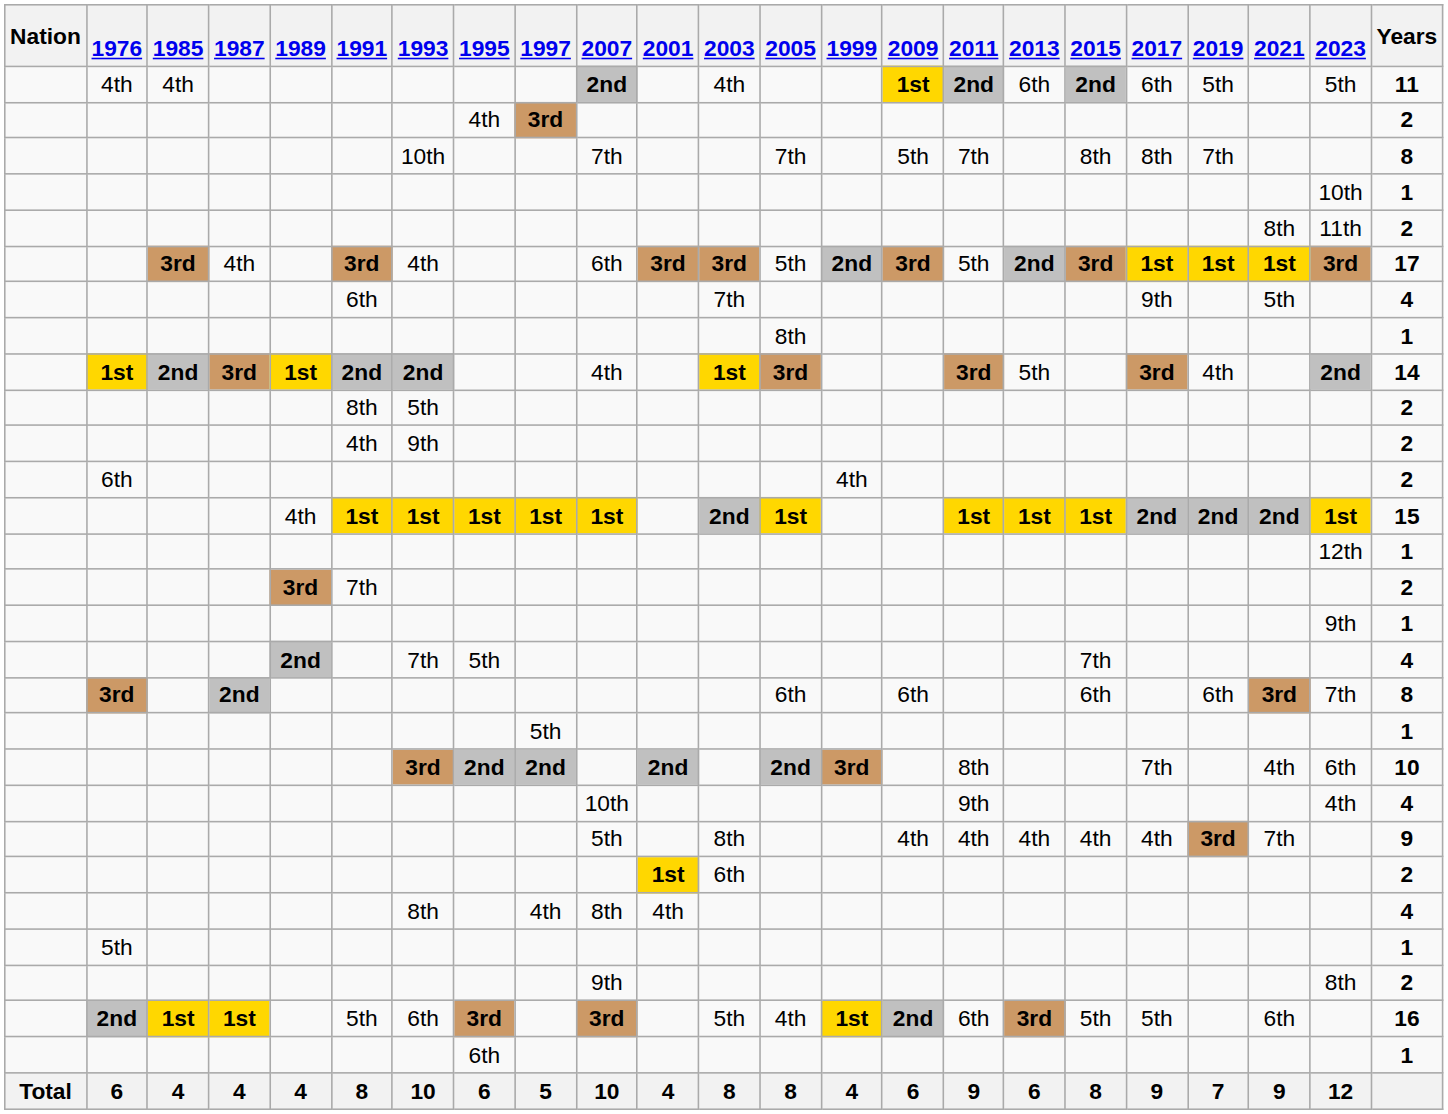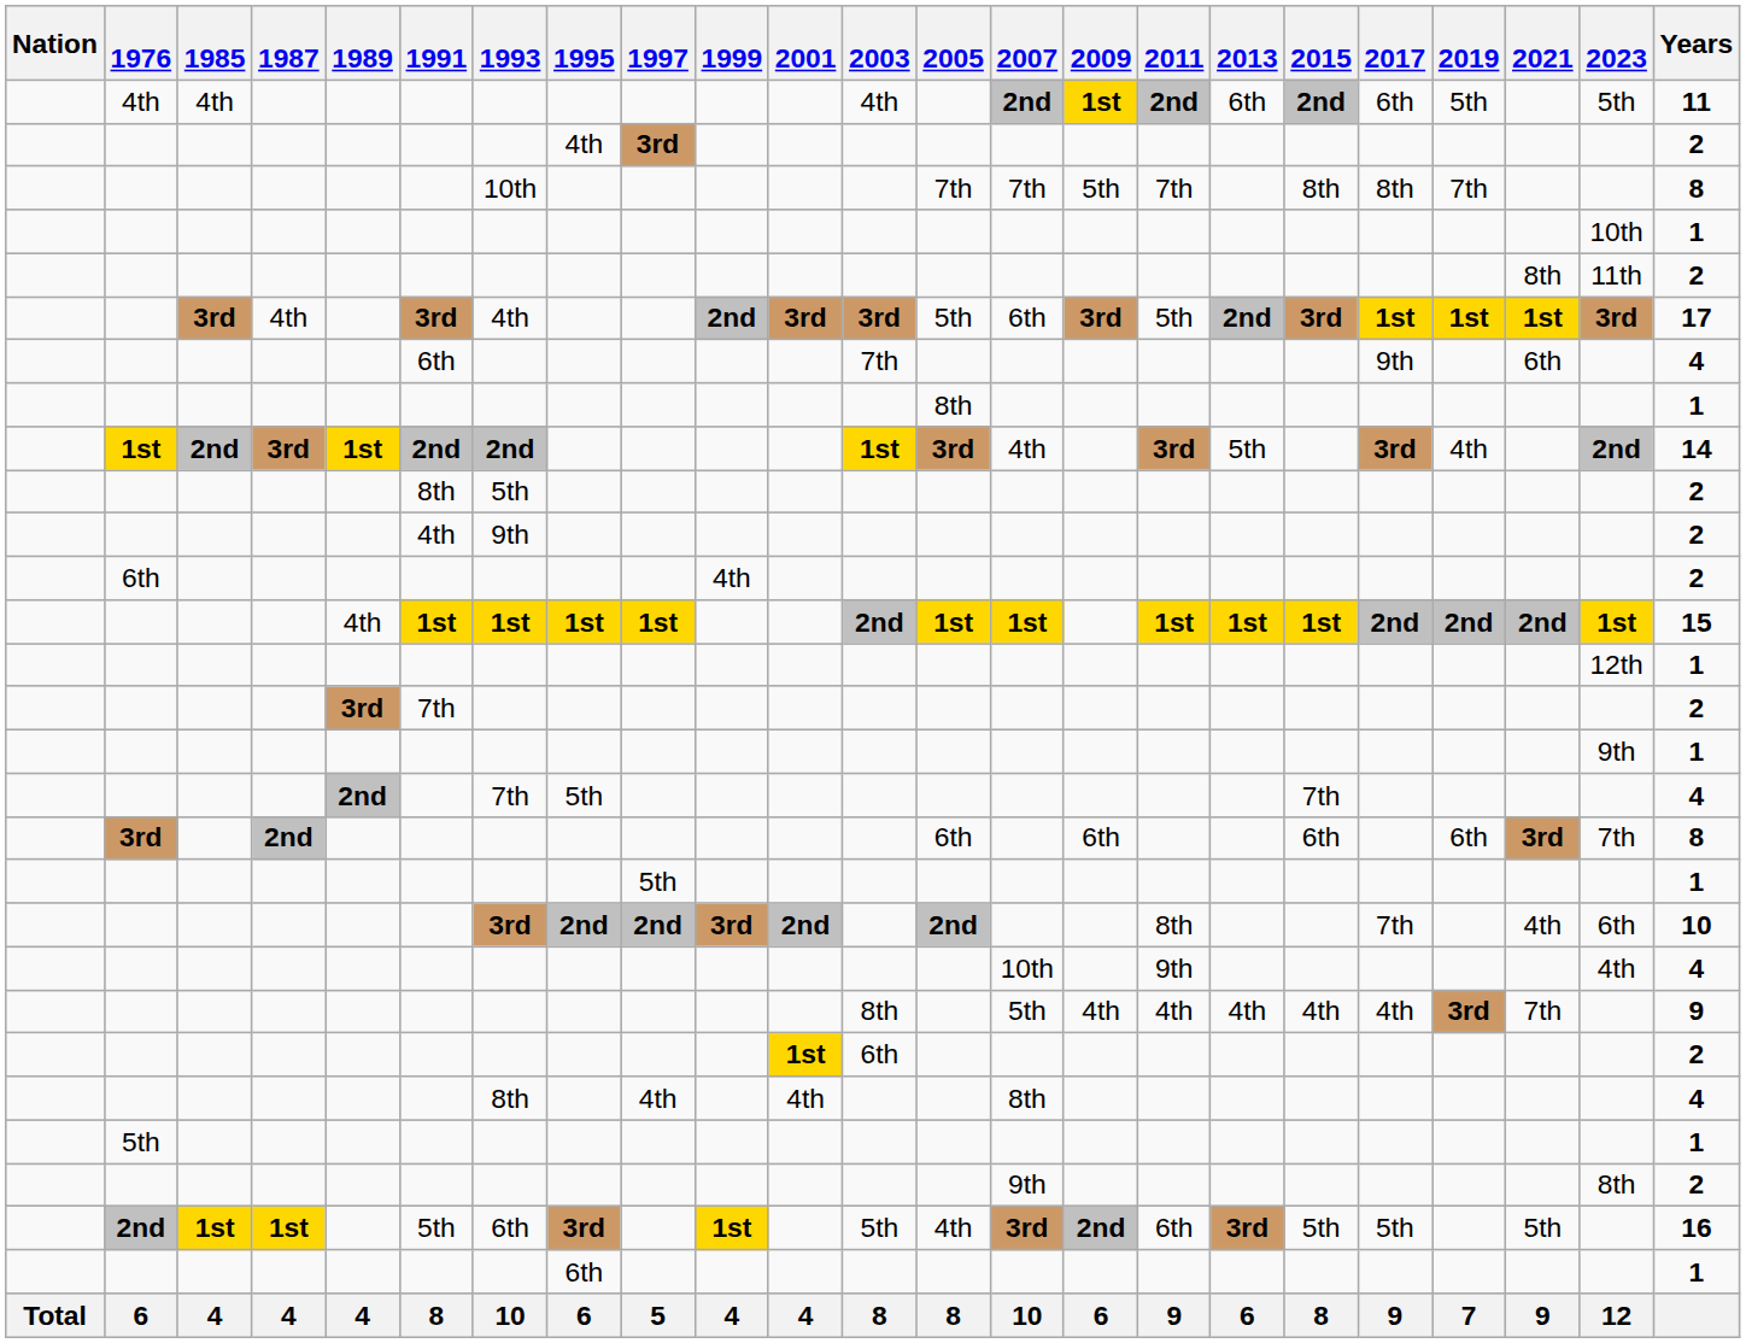 <table class="wikitable" style="text-align:center; font-size:90%">
 <tr>
 <th>Nation</th>
 <th><br><a href='#'>1976</a></th>
 <th><br><a href='#'>1985</a></th>
 <th><br><a href='#'>1987</a></th>
 <th><br><a href='#'>1989</a></th>
 <th><br><a href='#'>1991</a></th>
 <th><br><a href='#'>1993</a></th>
 <th><br><a href='#'>1995</a></th>
 <th><br><a href='#'>1997</a></th>
-<th><br><a href='#'>2007</a></th>
+<th><br><a href='#'>1999</a></th>
 <th><br><a href='#'>2001</a></th>
 <th><br><a href='#'>2003</a></th>
 <th><br><a href='#'>2005</a></th>
-<th><br><a href='#'>1999</a></th>
+<th><br><a href='#'>2007</a></th>
 <th><br><a href='#'>2009</a></th>
 <th><br><a href='#'>2011</a></th>
 <th><br><a href='#'>2013</a></th>
 <th><br><a href='#'>2015</a></th>
 <th><br><a href='#'>2017</a></th>
 <th><br><a href='#'>2019</a></th>
 <th><br><a href='#'>2021</a></th>
 <th><br><a href='#'>2023</a></th>
 <th>Years</th>
 </tr>
 <tr>
 <td align=left></td>
 <td>4th</td>
 <td>4th</td>
 <td></td>
 <td></td>
 <td></td>
 <td></td>
 <td></td>
 <td></td>
-<td bgcolor=silver><strong>2nd</strong></td>
+<td></td>
 <td></td>
 <td>4th</td>
 <td></td>
-<td></td>
+<td bgcolor=silver><strong>2nd</strong></td>
 <td bgcolor=gold><strong>1st</strong></td>
 <td bgcolor=silver><strong>2nd</strong></td>
 <td>6th</td>
 <td bgcolor=silver><strong>2nd</strong></td>
 <td>6th</td>
 <td>5th</td>
 <td></td>
 <td>5th</td>
 <td><strong>11</strong></td>
 </tr>
 <tr>
 <td align=left></td>
 <td></td>
 <td></td>
 <td></td>
 <td></td>
 <td></td>
 <td></td>
 <td>4th</td>
 <td bgcolor=#cc9966><strong>3rd</strong></td>
 <td></td>
 <td></td>
 <td></td>
 <td></td>
 <td></td>
 <td></td>
 <td></td>
 <td></td>
 <td></td>
 <td></td>
 <td></td>
 <td></td>
 <td></td>
 <td><strong>2</strong></td>
 </tr>
 <tr>
 <td align=left></td>
 <td></td>
 <td></td>
 <td></td>
 <td></td>
 <td></td>
 <td>10th</td>
 <td></td>
 <td></td>
-<td>7th</td>
+<td></td>
 <td></td>
 <td></td>
 <td>7th</td>
-<td></td>
+<td>7th</td>
 <td>5th</td>
 <td>7th</td>
 <td></td>
 <td>8th</td>
 <td>8th</td>
 <td>7th</td>
 <td></td>
 <td></td>
 <td><strong>8</strong></td>
 </tr>
 <tr>
 <td align=left></td>
 <td></td>
 <td></td>
 <td></td>
 <td></td>
 <td></td>
 <td></td>
 <td></td>
 <td></td>
 <td></td>
 <td></td>
 <td></td>
 <td></td>
 <td></td>
 <td></td>
 <td></td>
 <td></td>
 <td></td>
 <td></td>
 <td></td>
 <td></td>
 <td>10th</td>
 <td><strong>1</strong></td>
 </tr>
 <tr>
 <td align=left></td>
 <td></td>
 <td></td>
 <td></td>
 <td></td>
 <td></td>
 <td></td>
 <td></td>
 <td></td>
 <td></td>
 <td></td>
 <td></td>
 <td></td>
 <td></td>
 <td></td>
 <td></td>
 <td></td>
 <td></td>
 <td></td>
 <td></td>
 <td>8th</td>
 <td>11th</td>
 <td><strong>2</strong></td>
 </tr>
 <tr>
 <td align=left></td>
 <td></td>
 <td bgcolor=#cc9966><strong>3rd</strong></td>
 <td>4th</td>
 <td></td>
 <td bgcolor=#cc9966><strong>3rd</strong></td>
 <td>4th</td>
 <td></td>
 <td></td>
-<td>6th</td>
+<td bgcolor=silver><strong>2nd</strong></td>
 <td bgcolor=#cc9966><strong>3rd</strong></td>
 <td bgcolor=#cc9966><strong>3rd</strong></td>
 <td>5th</td>
-<td bgcolor=silver><strong>2nd</strong></td>
+<td>6th</td>
 <td bgcolor=#cc9966><strong>3rd</strong></td>
 <td>5th</td>
 <td bgcolor=silver><strong>2nd</strong></td>
 <td bgcolor=#cc9966><strong>3rd</strong></td>
 <td bgcolor=gold><strong>1st</strong></td>
 <td bgcolor=gold><strong>1st</strong></td>
 <td bgcolor=gold><strong>1st</strong></td>
 <td bgcolor=#cc9966><strong>3rd</strong></td>
 <td><strong>17</strong></td>
 </tr>
 <tr>
 <td align=left></td>
 <td></td>
 <td></td>
 <td></td>
 <td></td>
 <td>6th</td>
 <td></td>
 <td></td>
 <td></td>
 <td></td>
 <td></td>
 <td>7th</td>
 <td></td>
 <td></td>
 <td></td>
 <td></td>
 <td></td>
 <td></td>
 <td>9th</td>
 <td></td>
-<td>5th</td>
+<td>6th</td>
 <td></td>
 <td><strong>4</strong></td>
 </tr>
 <tr>
 <td align=left></td>
 <td></td>
 <td></td>
 <td></td>
 <td></td>
 <td></td>
 <td></td>
 <td></td>
 <td></td>
 <td></td>
 <td></td>
 <td></td>
 <td>8th</td>
 <td></td>
 <td></td>
 <td></td>
 <td></td>
 <td></td>
 <td></td>
 <td></td>
 <td></td>
 <td></td>
 <td><strong>1</strong></td>
 </tr>
 <tr>
 <td align=left></td>
 <td bgcolor=gold><strong>1st</strong></td>
 <td bgcolor=silver><strong>2nd</strong></td>
 <td bgcolor=#cc9966><strong>3rd</strong></td>
 <td bgcolor=gold><strong>1st</strong></td>
 <td bgcolor=silver><strong>2nd</strong></td>
 <td bgcolor=silver><strong>2nd</strong></td>
 <td></td>
 <td></td>
-<td>4th</td>
+<td></td>
 <td></td>
 <td bgcolor=gold><strong>1st</strong></td>
 <td bgcolor=#cc9966><strong>3rd</strong></td>
-<td></td>
+<td>4th</td>
 <td></td>
 <td bgcolor=#cc9966><strong>3rd</strong></td>
 <td>5th</td>
 <td></td>
 <td bgcolor=#cc9966><strong>3rd</strong></td>
 <td>4th</td>
 <td></td>
 <td bgcolor=silver><strong>2nd</strong></td>
 <td><strong>14</strong></td>
 </tr>
 <tr>
 <td align=left></td>
 <td></td>
 <td></td>
 <td></td>
 <td></td>
 <td>8th</td>
 <td>5th</td>
 <td></td>
 <td></td>
 <td></td>
 <td></td>
 <td></td>
 <td></td>
 <td></td>
 <td></td>
 <td></td>
 <td></td>
 <td></td>
 <td></td>
 <td></td>
 <td></td>
 <td></td>
 <td><strong>2</strong></td>
 </tr>
 <tr>
 <td align=left></td>
 <td></td>
 <td></td>
 <td></td>
 <td></td>
 <td>4th</td>
 <td>9th</td>
 <td></td>
 <td></td>
 <td></td>
 <td></td>
 <td></td>
 <td></td>
 <td></td>
 <td></td>
 <td></td>
 <td></td>
 <td></td>
 <td></td>
 <td></td>
 <td></td>
 <td></td>
 <td><strong>2</strong></td>
 </tr>
 <tr>
 <td align=left></td>
 <td>6th</td>
 <td></td>
 <td></td>
 <td></td>
 <td></td>
 <td></td>
 <td></td>
 <td></td>
+<td>4th</td>
 <td></td>
 <td></td>
 <td></td>
 <td></td>
-<td>4th</td>
 <td></td>
 <td></td>
 <td></td>
 <td></td>
 <td></td>
 <td></td>
 <td></td>
 <td></td>
 <td><strong>2</strong></td>
 </tr>
 <tr>
 <td align=left></td>
 <td></td>
 <td></td>
 <td></td>
 <td>4th</td>
 <td bgcolor=gold><strong>1st</strong></td>
 <td bgcolor=gold><strong>1st</strong></td>
 <td bgcolor=gold><strong>1st</strong></td>
 <td bgcolor=gold><strong>1st</strong></td>
-<td bgcolor=gold><strong>1st</strong></td>
+<td></td>
 <td></td>
 <td bgcolor=silver><strong>2nd</strong></td>
 <td bgcolor=gold><strong>1st</strong></td>
-<td></td>
+<td bgcolor=gold><strong>1st</strong></td>
 <td></td>
 <td bgcolor=gold><strong>1st</strong></td>
 <td bgcolor=gold><strong>1st</strong></td>
 <td bgcolor=gold><strong>1st</strong></td>
 <td bgcolor=silver><strong>2nd</strong></td>
 <td bgcolor=silver><strong>2nd</strong></td>
 <td bgcolor=silver><strong>2nd</strong></td>
 <td bgcolor=gold><strong>1st</strong></td>
 <td><strong>15</strong></td>
 </tr>
 <tr>
 <td align=left></td>
 <td></td>
 <td></td>
 <td></td>
 <td></td>
 <td></td>
 <td></td>
 <td></td>
 <td></td>
 <td></td>
 <td></td>
 <td></td>
 <td></td>
 <td></td>
 <td></td>
 <td></td>
 <td></td>
 <td></td>
 <td></td>
 <td></td>
 <td></td>
 <td>12th</td>
 <td><strong>1</strong></td>
 </tr>
 <tr>
 <td align=left></td>
 <td></td>
 <td></td>
 <td></td>
 <td bgcolor=#cc9966><strong>3rd</strong></td>
 <td>7th</td>
 <td></td>
 <td></td>
 <td></td>
 <td></td>
 <td></td>
 <td></td>
 <td></td>
 <td></td>
 <td></td>
 <td></td>
 <td></td>
 <td></td>
 <td></td>
 <td></td>
 <td></td>
 <td></td>
 <td><strong>2</strong></td>
 </tr>
 <tr>
 <td align=left></td>
 <td></td>
 <td></td>
 <td></td>
 <td></td>
 <td></td>
 <td></td>
 <td></td>
 <td></td>
 <td></td>
 <td></td>
 <td></td>
 <td></td>
 <td></td>
 <td></td>
 <td></td>
 <td></td>
 <td></td>
 <td></td>
 <td></td>
 <td></td>
 <td>9th</td>
 <td><strong>1</strong></td>
 </tr>
 <tr>
 <td align=left></td>
 <td></td>
 <td></td>
 <td></td>
 <td bgcolor=silver><strong>2nd</strong></td>
 <td></td>
 <td>7th</td>
 <td>5th</td>
 <td></td>
 <td></td>
 <td></td>
 <td></td>
 <td></td>
 <td></td>
 <td></td>
 <td></td>
 <td></td>
 <td>7th</td>
 <td></td>
 <td></td>
 <td></td>
 <td></td>
 <td><strong>4</strong></td>
 </tr>
 <tr>
 <td align=left></td>
 <td bgcolor=#cc9966><strong>3rd</strong></td>
 <td></td>
 <td bgcolor=silver><strong>2nd</strong></td>
 <td></td>
 <td></td>
 <td></td>
 <td></td>
 <td></td>
 <td></td>
 <td></td>
 <td></td>
 <td>6th</td>
 <td></td>
 <td>6th</td>
 <td></td>
 <td></td>
 <td>6th</td>
 <td></td>
 <td>6th</td>
 <td bgcolor=#cc9966><strong>3rd</strong></td>
 <td>7th</td>
 <td><strong>8</strong></td>
 </tr>
 <tr>
 <td align=left></td>
 <td></td>
 <td></td>
 <td></td>
 <td></td>
 <td></td>
 <td></td>
 <td></td>
 <td>5th</td>
 <td></td>
 <td></td>
 <td></td>
 <td></td>
 <td></td>
 <td></td>
 <td></td>
 <td></td>
 <td></td>
 <td></td>
 <td></td>
 <td></td>
 <td></td>
 <td><strong>1</strong></td>
 </tr>
 <tr>
 <td align=left></td>
 <td></td>
 <td></td>
 <td></td>
 <td></td>
 <td></td>
 <td bgcolor=#cc9966><strong>3rd</strong></td>
 <td bgcolor=silver><strong>2nd</strong></td>
 <td bgcolor=silver><strong>2nd</strong></td>
+<td bgcolor=#cc9966><strong>3rd</strong></td>
+<td bgcolor=silver><strong>2nd</strong></td>
 <td></td>
 <td bgcolor=silver><strong>2nd</strong></td>
 <td></td>
-<td bgcolor=silver><strong>2nd</strong></td>
-<td bgcolor=#cc9966><strong>3rd</strong></td>
 <td></td>
 <td>8th</td>
 <td></td>
 <td></td>
 <td>7th</td>
 <td></td>
 <td>4th</td>
 <td>6th</td>
 <td><strong>10</strong></td>
 </tr>
 <tr>
 <td align=left></td>
 <td></td>
 <td></td>
 <td></td>
 <td></td>
 <td></td>
 <td></td>
 <td></td>
 <td></td>
-<td>10th</td>
 <td></td>
 <td></td>
 <td></td>
 <td></td>
+<td>10th</td>
 <td></td>
 <td>9th</td>
 <td></td>
 <td></td>
 <td></td>
 <td></td>
 <td></td>
 <td>4th</td>
 <td><strong>4</strong></td>
 </tr>
 <tr>
 <td align=left></td>
 <td></td>
 <td></td>
 <td></td>
 <td></td>
 <td></td>
 <td></td>
 <td></td>
 <td></td>
-<td>5th</td>
+<td></td>
 <td></td>
 <td>8th</td>
 <td></td>
-<td></td>
+<td>5th</td>
 <td>4th</td>
 <td>4th</td>
 <td>4th</td>
 <td>4th</td>
 <td>4th</td>
 <td bgcolor=#cc9966><strong>3rd</strong></td>
 <td>7th</td>
 <td></td>
 <td><strong>9</strong></td>
 </tr>
 <tr>
 <td align=left></td>
 <td></td>
 <td></td>
 <td></td>
 <td></td>
 <td></td>
 <td></td>
 <td></td>
 <td></td>
 <td></td>
 <td bgcolor=gold><strong>1st</strong></td>
 <td>6th</td>
 <td></td>
 <td></td>
 <td></td>
 <td></td>
 <td></td>
 <td></td>
 <td></td>
 <td></td>
 <td></td>
 <td></td>
 <td><strong>2</strong></td>
 </tr>
 <tr>
 <td align=left></td>
 <td></td>
 <td></td>
 <td></td>
 <td></td>
 <td></td>
 <td>8th</td>
 <td></td>
 <td>4th</td>
-<td>8th</td>
+<td></td>
 <td>4th</td>
 <td></td>
 <td></td>
-<td></td>
+<td>8th</td>
 <td></td>
 <td></td>
 <td></td>
 <td></td>
 <td></td>
 <td></td>
 <td></td>
 <td></td>
 <td><strong>4</strong></td>
 </tr>
 <tr>
 <td align=left></td>
 <td>5th</td>
 <td></td>
 <td></td>
 <td></td>
 <td></td>
 <td></td>
 <td></td>
 <td></td>
 <td></td>
 <td></td>
 <td></td>
 <td></td>
 <td></td>
 <td></td>
 <td></td>
 <td></td>
 <td></td>
 <td></td>
 <td></td>
 <td></td>
 <td></td>
 <td><strong>1</strong></td>
 </tr>
 <tr>
 <td align=left></td>
 <td></td>
 <td></td>
 <td></td>
 <td></td>
 <td></td>
 <td></td>
 <td></td>
 <td></td>
-<td>9th</td>
 <td></td>
 <td></td>
 <td></td>
 <td></td>
+<td>9th</td>
 <td></td>
 <td></td>
 <td></td>
 <td></td>
 <td></td>
 <td></td>
 <td></td>
 <td>8th</td>
 <td><strong>2</strong></td>
 </tr>
 <tr>
 <td align=left></td>
 <td bgcolor=silver><strong>2nd</strong></td>
 <td bgcolor=gold><strong>1st</strong></td>
 <td bgcolor=gold><strong>1st</strong></td>
 <td></td>
 <td>5th</td>
 <td>6th</td>
 <td bgcolor=#cc9966><strong>3rd</strong></td>
 <td></td>
-<td bgcolor=#cc9966><strong>3rd</strong></td>
+<td bgcolor=gold><strong>1st</strong></td>
 <td></td>
 <td>5th</td>
 <td>4th</td>
-<td bgcolor=gold><strong>1st</strong></td>
+<td bgcolor=#cc9966><strong>3rd</strong></td>
 <td bgcolor=silver><strong>2nd</strong></td>
 <td>6th</td>
 <td bgcolor=#cc9966><strong>3rd</strong></td>
 <td>5th</td>
 <td>5th</td>
 <td></td>
-<td>6th</td>
+<td>5th</td>
 <td></td>
 <td><strong>16</strong></td>
 </tr>
 <tr>
 <td align=left></td>
 <td></td>
 <td></td>
 <td></td>
 <td></td>
 <td></td>
 <td></td>
 <td>6th</td>
 <td></td>
 <td></td>
 <td></td>
 <td></td>
 <td></td>
 <td></td>
 <td></td>
 <td></td>
 <td></td>
 <td></td>
 <td></td>
 <td></td>
 <td></td>
 <td></td>
 <td><strong>1</strong></td>
 </tr>
 <tr>
 <th>Total</th>
 <th>6</th>
 <th>4</th>
 <th>4</th>
 <th>4</th>
 <th>8</th>
 <th>10</th>
 <th>6</th>
 <th>5</th>
-<th>10</th>
+<th>4</th>
 <th>4</th>
 <th>8</th>
 <th>8</th>
-<th>4</th>
+<th>10</th>
 <th>6</th>
 <th>9</th>
 <th>6</th>
 <th>8</th>
 <th>9</th>
 <th>7</th>
 <th>9</th>
 <th>12</th>
 <th></th>
 </tr>
 </table>
